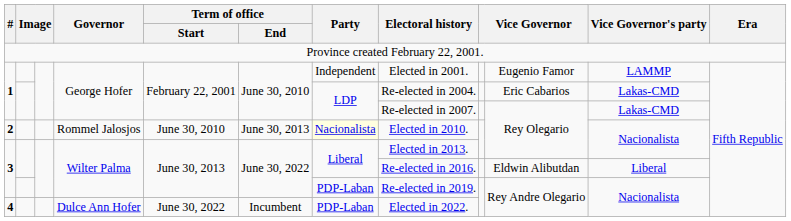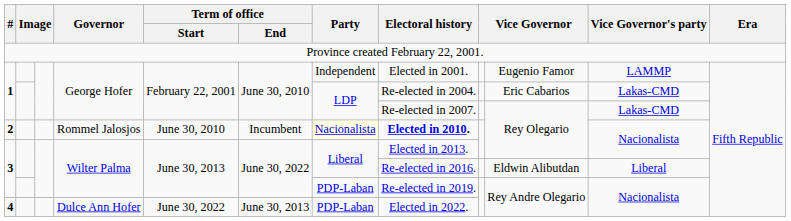 <table class="wikitable" style="text-align:center">
 <tr>
 <th rowspan="2">#</th>
 <th rowspan="2" colspan=2>Image</th>
 <th rowspan="2">Governor</th>
 <th colspan="2">Term of office</th>
 <th rowspan="2">Party</th>
 <th rowspan="2">Electoral history</th>
 <th rowspan="2" colspan=2>Vice Governor</th>
 <th rowspan="2">Vice Governor's party</th>
 <th rowspan="2">Era</th>
 </tr>
 <tr>
 <th>Start</th>
 <th>End</th>
 </tr>
 <tr>
 <td colspan="12" style="text-align:center;">Province created February 22, 2001.</td>
 </tr>
 <tr>
 <td rowspan="3"><strong>1</strong></td>
 <td style="background:"></td>
 <td rowspan="3"></td>
 <td rowspan="3">George Hofer<br></td>
 <td rowspan="3">February 22, 2001</td>
 <td rowspan="3">June 30, 2010</td>
 <td>Independent</td>
 <td>Elected in 2001.</td>
 <td style="background:"></td>
 <td>Eugenio Famor</td>
 <td><a href='#'>LAMMP</a></td>
 <td align=center rowspan="8"><a href='#'>Fifth Republic</a></td>
 </tr>
 <tr>
 <td rowspan="2" style="background:"></td>
 <td rowspan="2"><a href='#'>LDP</a></td>
 <td>Re-elected in 2004.</td>
 <td style="background:"></td>
 <td>Eric Cabarios</td>
 <td><a href='#'>Lakas-CMD</a></td>
 </tr>
 <tr>
 <td>Re-elected in 2007.</td>
 <td style="background:"></td>
 <td rowspan="3">Rey Olegario</td>
 <td><a href='#'>Lakas-CMD</a></td>
 </tr>
 <tr>
 <td><strong>2</strong></td>
 <td style="background:"></td>
 <td></td>
 <td>Rommel Jalosjos<br></td>
 <td>June 30, 2010</td>
-<td>June 30, 2013</td>
+<td>Incumbent<br></td>
 <td style="background: lightyellow;"><a href='#'>Nacionalista</a></td>
-<td><a href='#'>Elected in 2010</a>.</td>
+<td><strong><a href='#'>Elected in 2010</a>.</strong></td>
 <td rowspan=2 style="background:"></td>
 <td rowspan="2"><a href='#'>Nacionalista</a></td>
 </tr>
 <tr>
 <td rowspan="3"><strong>3</strong></td>
 <td rowspan="2" style="background:"></td>
 <td rowspan="3"></td>
 <td rowspan="3"><a href='#'>Wilter Palma</a><br></td>
 <td rowspan="3">June 30, 2013</td>
 <td rowspan="3">June 30, 2022</td>
 <td rowspan="2"><a href='#'>Liberal</a></td>
 <td><a href='#'>Elected in 2013</a>.</td>
 </tr>
 <tr>
 <td><a href='#'>Re-elected in 2016</a>.</td>
 <td style="background:"></td>
 <td>Eldwin Alibutdan</td>
 <td><a href='#'>Liberal</a></td>
 </tr>
 <tr>
 <td style="background:"></td>
 <td><a href='#'>PDP-Laban</a></td>
 <td><a href='#'>Re-elected in 2019</a>.</td>
 <td rowspan=2 style="background:"></td>
 <td rowspan="2">Rey Andre Olegario</td>
 <td rowspan=2><a href='#'>Nacionalista</a></td>
 </tr>
 <tr>
 <td><strong>4</strong></td>
 <td style="background:"></td>
 <td></td>
 <td><a href='#'>Dulce Ann Hofer</a><br></td>
 <td>June 30, 2022</td>
-<td>Incumbent<br></td>
+<td>June 30, 2013</td>
 <td><a href='#'>PDP-Laban</a></td>
 <td><a href='#'>Elected in 2022</a>.</td>
 </tr>
 </table>
